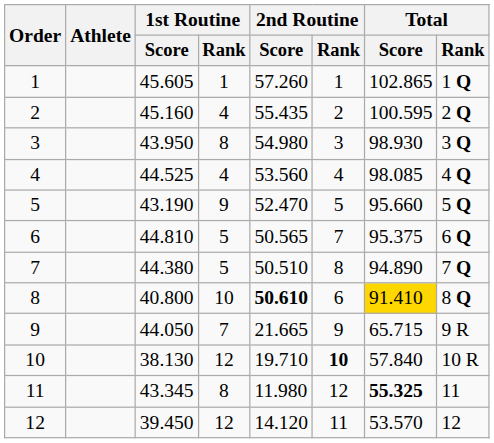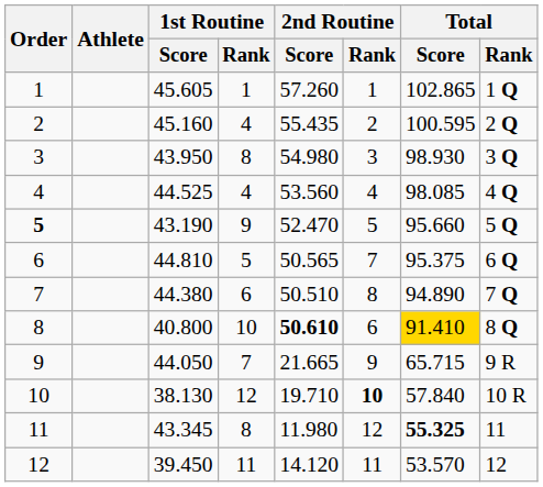 <table class=wikitable>
 <tr>
 <th rowspan=2>Order</th>
 <th rowspan=2>Athlete</th>
 <th colspan="2">1st Routine</th>
 <th colspan="2">2nd Routine</th>
 <th colspan="2">Total</th>
 </tr>
 <tr style="font-size:95%">
 <th>Score</th>
 <th>Rank</th>
 <th>Score</th>
 <th>Rank</th>
 <th>Score</th>
 <th>Rank</th>
 </tr>
 <tr align=left>
 <td align=center>1</td>
 <td></td>
 <td>45.605</td>
 <td align=center>1</td>
 <td>57.260</td>
 <td align=center>1</td>
 <td>102.865</td>
 <td>1 <strong>Q</strong></td>
 </tr>
 <tr>
 <td align=center>2</td>
 <td></td>
 <td>45.160</td>
 <td align=center>4</td>
 <td>55.435</td>
 <td align=center>2</td>
 <td>100.595</td>
 <td>2 <strong>Q</strong></td>
 </tr>
 <tr>
 <td align=center>3</td>
 <td></td>
 <td>43.950</td>
 <td align=center>8</td>
 <td>54.980</td>
 <td align=center>3</td>
 <td>98.930</td>
 <td>3 <strong>Q</strong></td>
 </tr>
 <tr>
 <td align=center>4</td>
 <td></td>
 <td>44.525</td>
 <td align=center>4</td>
 <td>53.560</td>
 <td align=center>4</td>
 <td>98.085</td>
 <td>4 <strong>Q</strong></td>
 </tr>
 <tr>
-<td align=center>5</td>
+<td align=center><strong>5</strong></td>
 <td></td>
 <td>43.190</td>
 <td align=center>9</td>
 <td>52.470</td>
 <td align=center>5</td>
 <td>95.660</td>
 <td>5 <strong>Q</strong></td>
 </tr>
 <tr>
 <td align=center>6</td>
 <td></td>
 <td>44.810</td>
 <td align=center>5</td>
 <td>50.565</td>
 <td align=center>7</td>
 <td>95.375</td>
 <td>6 <strong>Q</strong></td>
 </tr>
 <tr>
 <td align=center>7</td>
 <td></td>
 <td>44.380</td>
-<td align=center>5</td>
+<td align=center>6</td>
 <td>50.510</td>
 <td align=center>8</td>
 <td>94.890</td>
 <td>7 <strong>Q</strong></td>
 </tr>
 <tr>
 <td align=center>8</td>
 <td></td>
 <td>40.800</td>
 <td align=center>10</td>
 <td><strong>50.610</strong></td>
 <td align=center>6</td>
 <td style="background: gold;">91.410</td>
 <td>8 <strong>Q</strong></td>
 </tr>
 <tr>
 <td align=center>9</td>
 <td></td>
 <td>44.050</td>
 <td align=center>7</td>
 <td>21.665</td>
 <td align=center>9</td>
 <td>65.715</td>
 <td>9 R</td>
 </tr>
 <tr>
 <td align=center>10</td>
 <td></td>
 <td>38.130</td>
 <td align=center>12</td>
 <td>19.710</td>
 <td align=center><strong>10</strong></td>
 <td>57.840</td>
 <td>10 R</td>
 </tr>
 <tr>
 <td align=center>11</td>
 <td></td>
 <td>43.345</td>
 <td align=center>8</td>
 <td>11.980</td>
 <td align=center>12</td>
 <td><strong>55.325</strong></td>
 <td>11</td>
 </tr>
 <tr>
 <td align=center>12</td>
 <td></td>
 <td>39.450</td>
-<td align=center>12</td>
+<td align=center>11</td>
 <td>14.120</td>
 <td align=center>11</td>
 <td>53.570</td>
 <td>12</td>
 </tr>
 </table>
